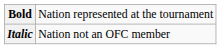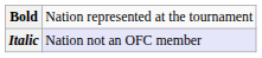 <table class="wikitable" style="font-size:90%;">
 <tr>
 <th><strong>Bold</strong></th>
 <td>Nation represented at the tournament</td>
 </tr>
 <tr>
 <th><em>Italic</em></th>
-<td>Nation not an OFC member</td>
+<td style="background: lavender;">Nation not an OFC member</td>
 </tr>
 </table>
